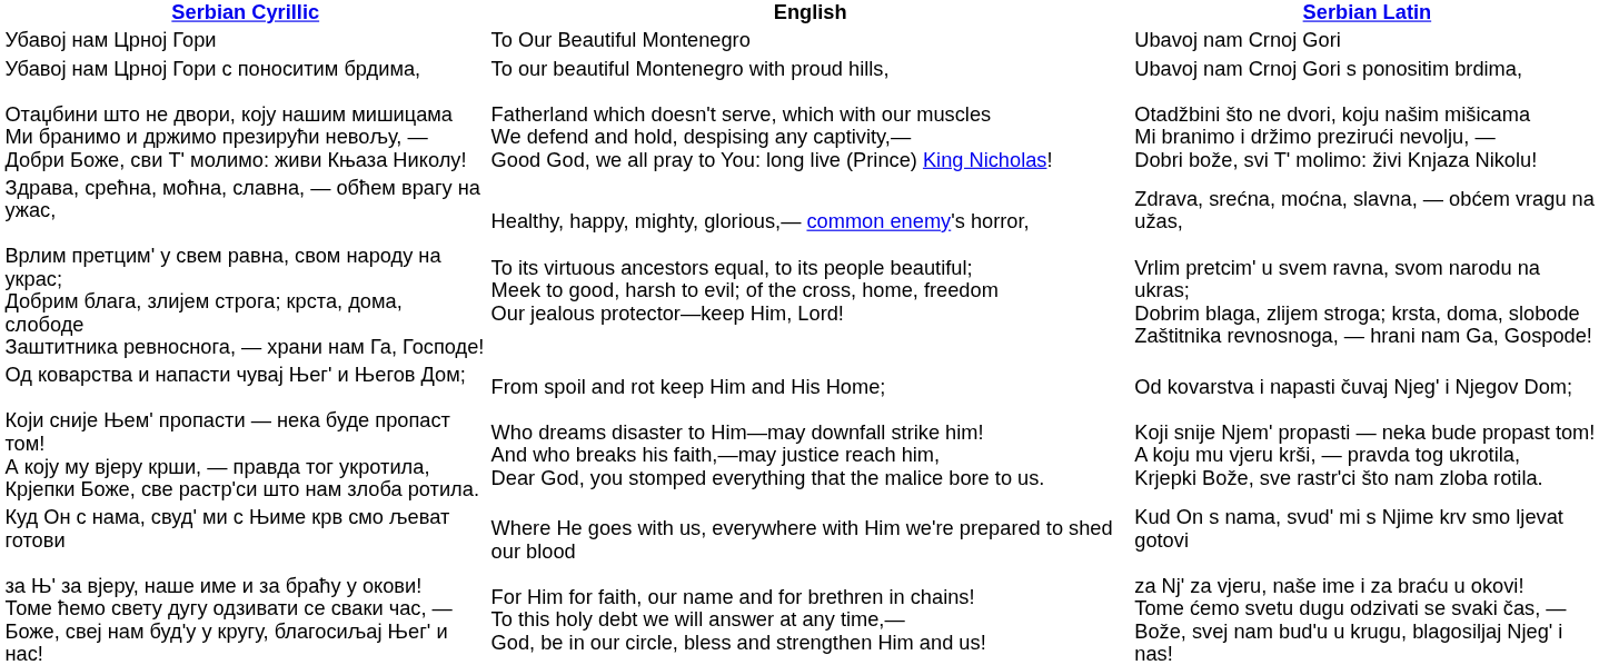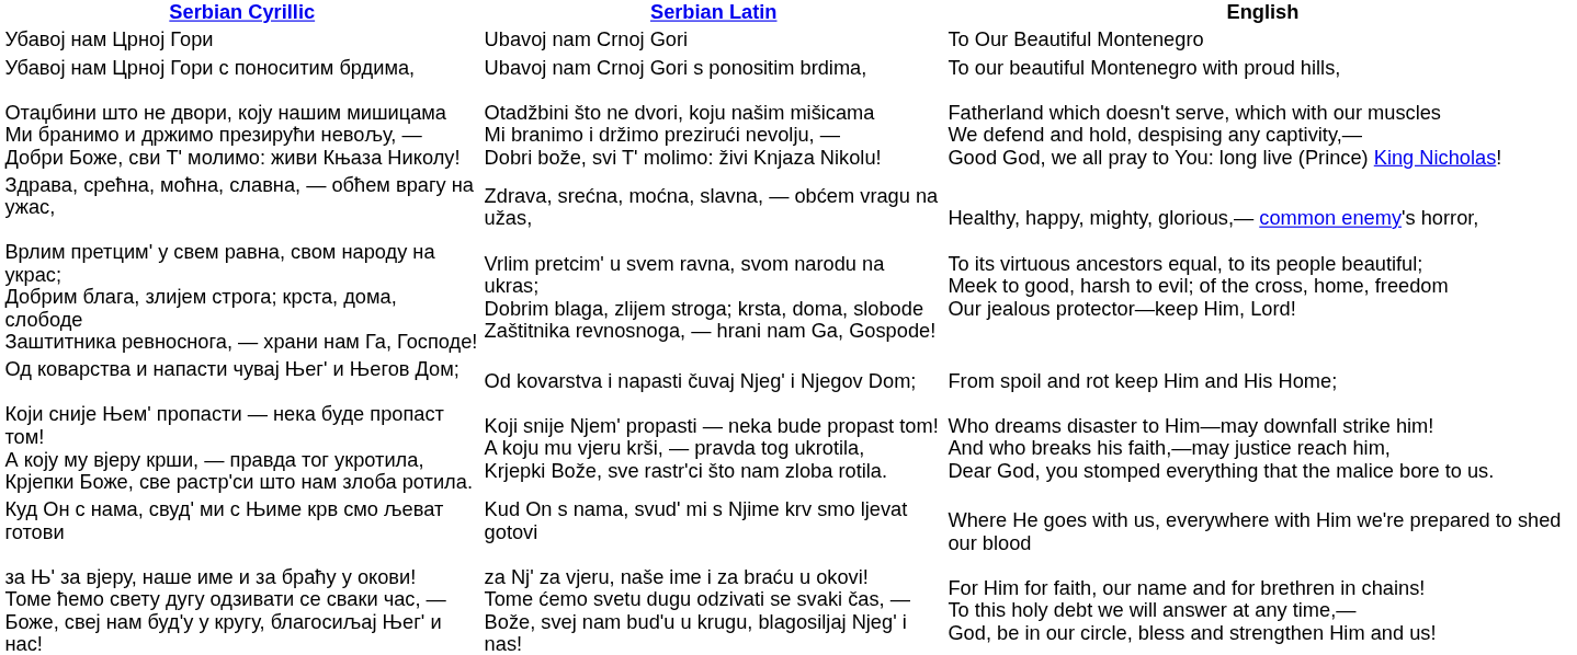 <table>
 <tr>
 <th><a href='#'>Serbian Cyrillic</a></th>
+<th><a href='#'>Serbian Latin</a></th>
 <th>English</th>
-<th><a href='#'>Serbian Latin</a></th>
 </tr>
 <tr>
 <td>Убавој нам Црној Гори</td>
+<td>Ubavoj nam Crnoj Gori</td>
 <td>To Our Beautiful Montenegro</td>
-<td>Ubavoj nam Crnoj Gori</td>
 </tr>
 <tr>
 <td>Убавој нам Црној Гори с поноситим брдима,<br><br>Отаџбини што не двори, коју нашим мишицама<br> Ми бранимо и држимо презирући невољу, —<br> Добри Боже, сви Т' молимо: живи Књаза Николу!<br></td>
+<td>Ubavoj nam Crnoj Gori s ponositim brdima,<br><br>Otadžbini što ne dvori, koju našim mišicama<br> Mi branimo i držimo prezirući nevolju, —<br> Dobri bože, svi T' molimo: živi Knjaza Nikolu!<br></td>
 <td>To our beautiful Montenegro with proud hills,<br><br>Fatherland which doesn't serve, which with our muscles<br> We defend and hold, despising any captivity,—<br> Good God, we all pray to You: long live (Prince) <a href='#'>King Nicholas</a>!<br></td>
-<td>Ubavoj nam Crnoj Gori s ponositim brdima,<br><br>Otadžbini što ne dvori, koju našim mišicama<br> Mi branimo i držimo prezirući nevolju, —<br> Dobri bože, svi T' molimo: živi Knjaza Nikolu!<br></td>
 </tr>
 <tr>
 <td>Здрава, срећна, моћна, славна, — обћем врагу на ужас,<br><br>Врлим претцим' у свем равна, свом народу на украс;<br> Добрим блага, злијем строга; крста, дома, слободе<br> Заштитника ревноснога, — храни нам Га, Господе!<br></td>
+<td>Zdrava, srećna, moćna, slavna, — obćem vragu na užas,<br><br>Vrlim pretcim' u svem ravna, svom narodu na ukras;<br> Dobrim blaga, zlijem stroga; krsta, doma, slobode<br> Zaštitnika revnosnoga, — hrani nam Ga, Gospode!<br></td>
 <td>Healthy, happy, mighty, glorious,— <a href='#'>common enemy</a>'s horror,<br><br>To its virtuous ancestors equal, to its people beautiful;<br> Meek to good, harsh to evil; of the cross, home, freedom<br> Our jealous protector—keep Him, Lord!<br></td>
-<td>Zdrava, srećna, moćna, slavna, — obćem vragu na užas,<br><br>Vrlim pretcim' u svem ravna, svom narodu na ukras;<br> Dobrim blaga, zlijem stroga; krsta, doma, slobode<br> Zaštitnika revnosnoga, — hrani nam Ga, Gospode!<br></td>
 </tr>
 <tr>
 <td>Од коварства и напасти чувај Њег' и Његов Дом;<br><br>Који сније Њем' пропасти — нека буде пропаст том!<br> А коју му вјеру крши, — правда тог укротила,<br> Крјепки Боже, све растр'си што нам злоба ротила.<br></td>
+<td>Od kovarstva i napasti čuvaj Njeg' i Njegov Dom;<br><br>Koji snije Njem' propasti — neka bude propast tom!<br> A koju mu vjeru krši, — pravda tog ukrotila,<br> Krjepki Bože, sve rastr'ci što nam zloba rotila.<br></td>
 <td>From spoil and rot keep Him and His Home;<br><br>Who dreams disaster to Him—may downfall strike him!<br> And who breaks his faith,—may justice reach him,<br> Dear God, you stomped everything that the malice bore to us.<br></td>
-<td>Od kovarstva i napasti čuvaj Njeg' i Njegov Dom;<br><br>Koji snije Njem' propasti — neka bude propast tom!<br> A koju mu vjeru krši, — pravda tog ukrotila,<br> Krjepki Bože, sve rastr'ci što nam zloba rotila.<br></td>
 </tr>
 <tr>
 <td>Куд Он с нама, свуд' ми с Њиме крв смо љеват готови<br><br>за Њ' за вјеру, наше име и за браћу у окови!<br> Томе ћемо свету дугу одзивати се сваки час, —<br> Боже, свеј нам буд'у у кругу, благосиљај Њег' и нас!<br></td>
+<td>Kud On s nama, svud' mi s Njime krv smo ljevat gotovi<br><br>za Nj' za vjeru, naše ime i za braću u okovi!<br> Tome ćemo svetu dugu odzivati se svaki čas, —<br> Bože, svej nam bud'u u krugu, blagosiljaj Njeg' i nas!<br></td>
 <td>Where He goes with us, everywhere with Him we're prepared to shed our blood<br><br>For Him for faith, our name and for brethren in chains!<br> To this holy debt we will answer at any time,—<br> God, be in our circle, bless and strengthen Him and us!<br></td>
-<td>Kud On s nama, svud' mi s Njime krv smo ljevat gotovi<br><br>za Nj' za vjeru, naše ime i za braću u okovi!<br> Tome ćemo svetu dugu odzivati se svaki čas, —<br> Bože, svej nam bud'u u krugu, blagosiljaj Njeg' i nas!<br></td>
 </tr>
 </table>
